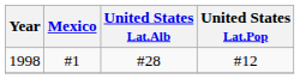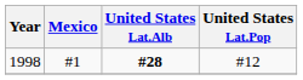 <table class="wikitable">
 <tr>
 <th>Year</th>
 <th><a href='#'>Mexico</a></th>
 <th><a href='#'>United States</a><br><small><a href='#'>Lat.Alb</a></small></th>
 <th>United States<br><small><a href='#'>Lat.Pop</a></small></th>
 </tr>
 <tr>
 <td>1998</td>
 <td align="center">#1</td>
-<td align="center">#28<small></small></td>
+<td align="center"><strong>#28<small></small></strong></td>
 <td align="center">#12<small></small></td>
 </tr>
 <tr>
 </tr>
 </table>
